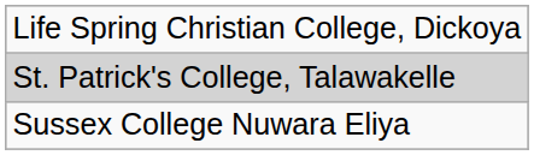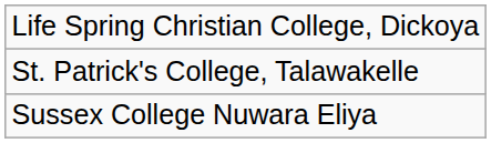 <table class="wikitable">
 <tr>
 <td>Life Spring Christian College, Dickoya</td>
 </tr>
 <tr>
-<td style="background: lightgrey;">St. Patrick's College, Talawakelle</td>
+<td>St. Patrick's College, Talawakelle</td>
 </tr>
 <tr>
 <td>Sussex College Nuwara Eliya</td>
 </tr>
 </table>
